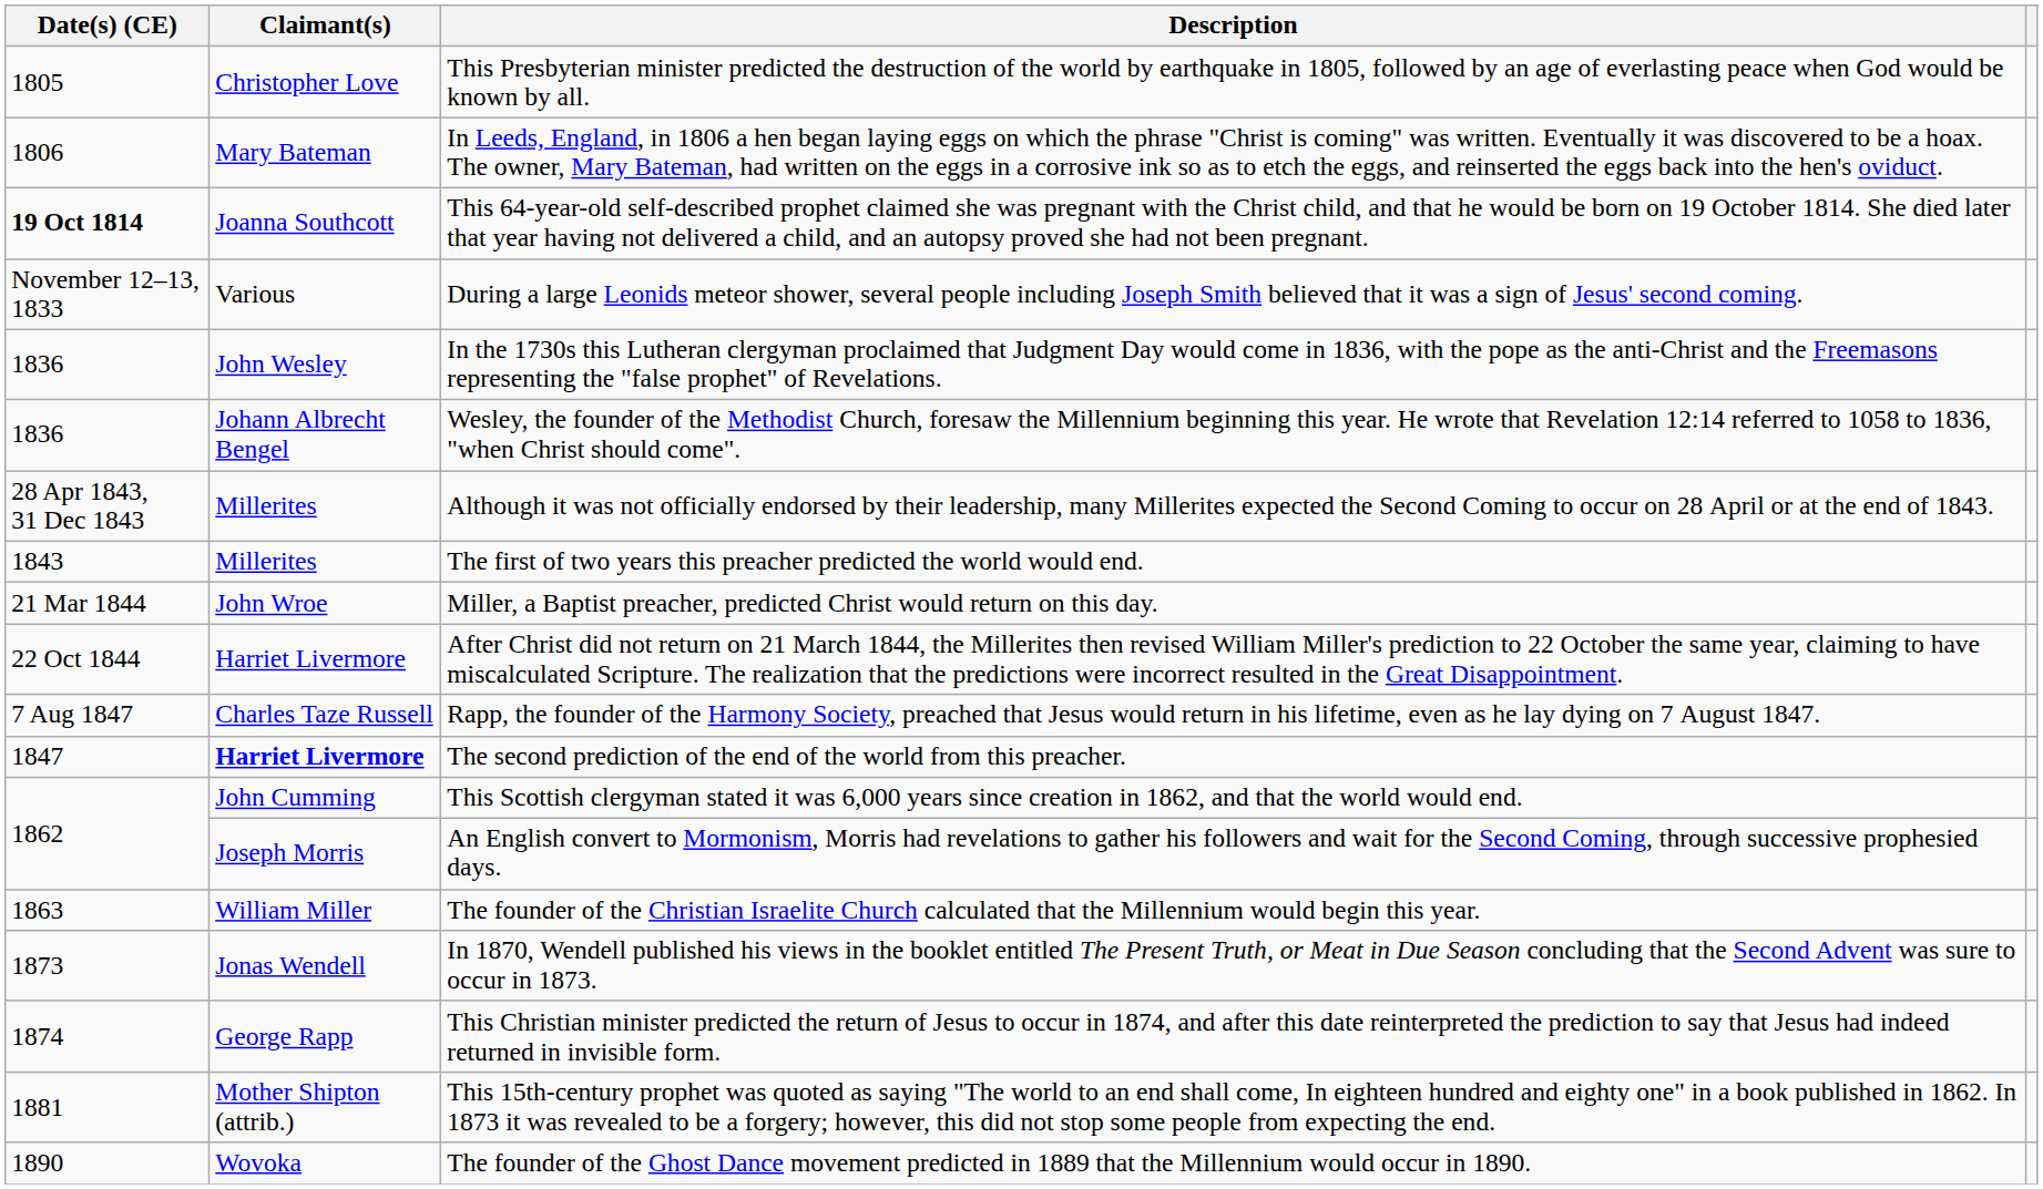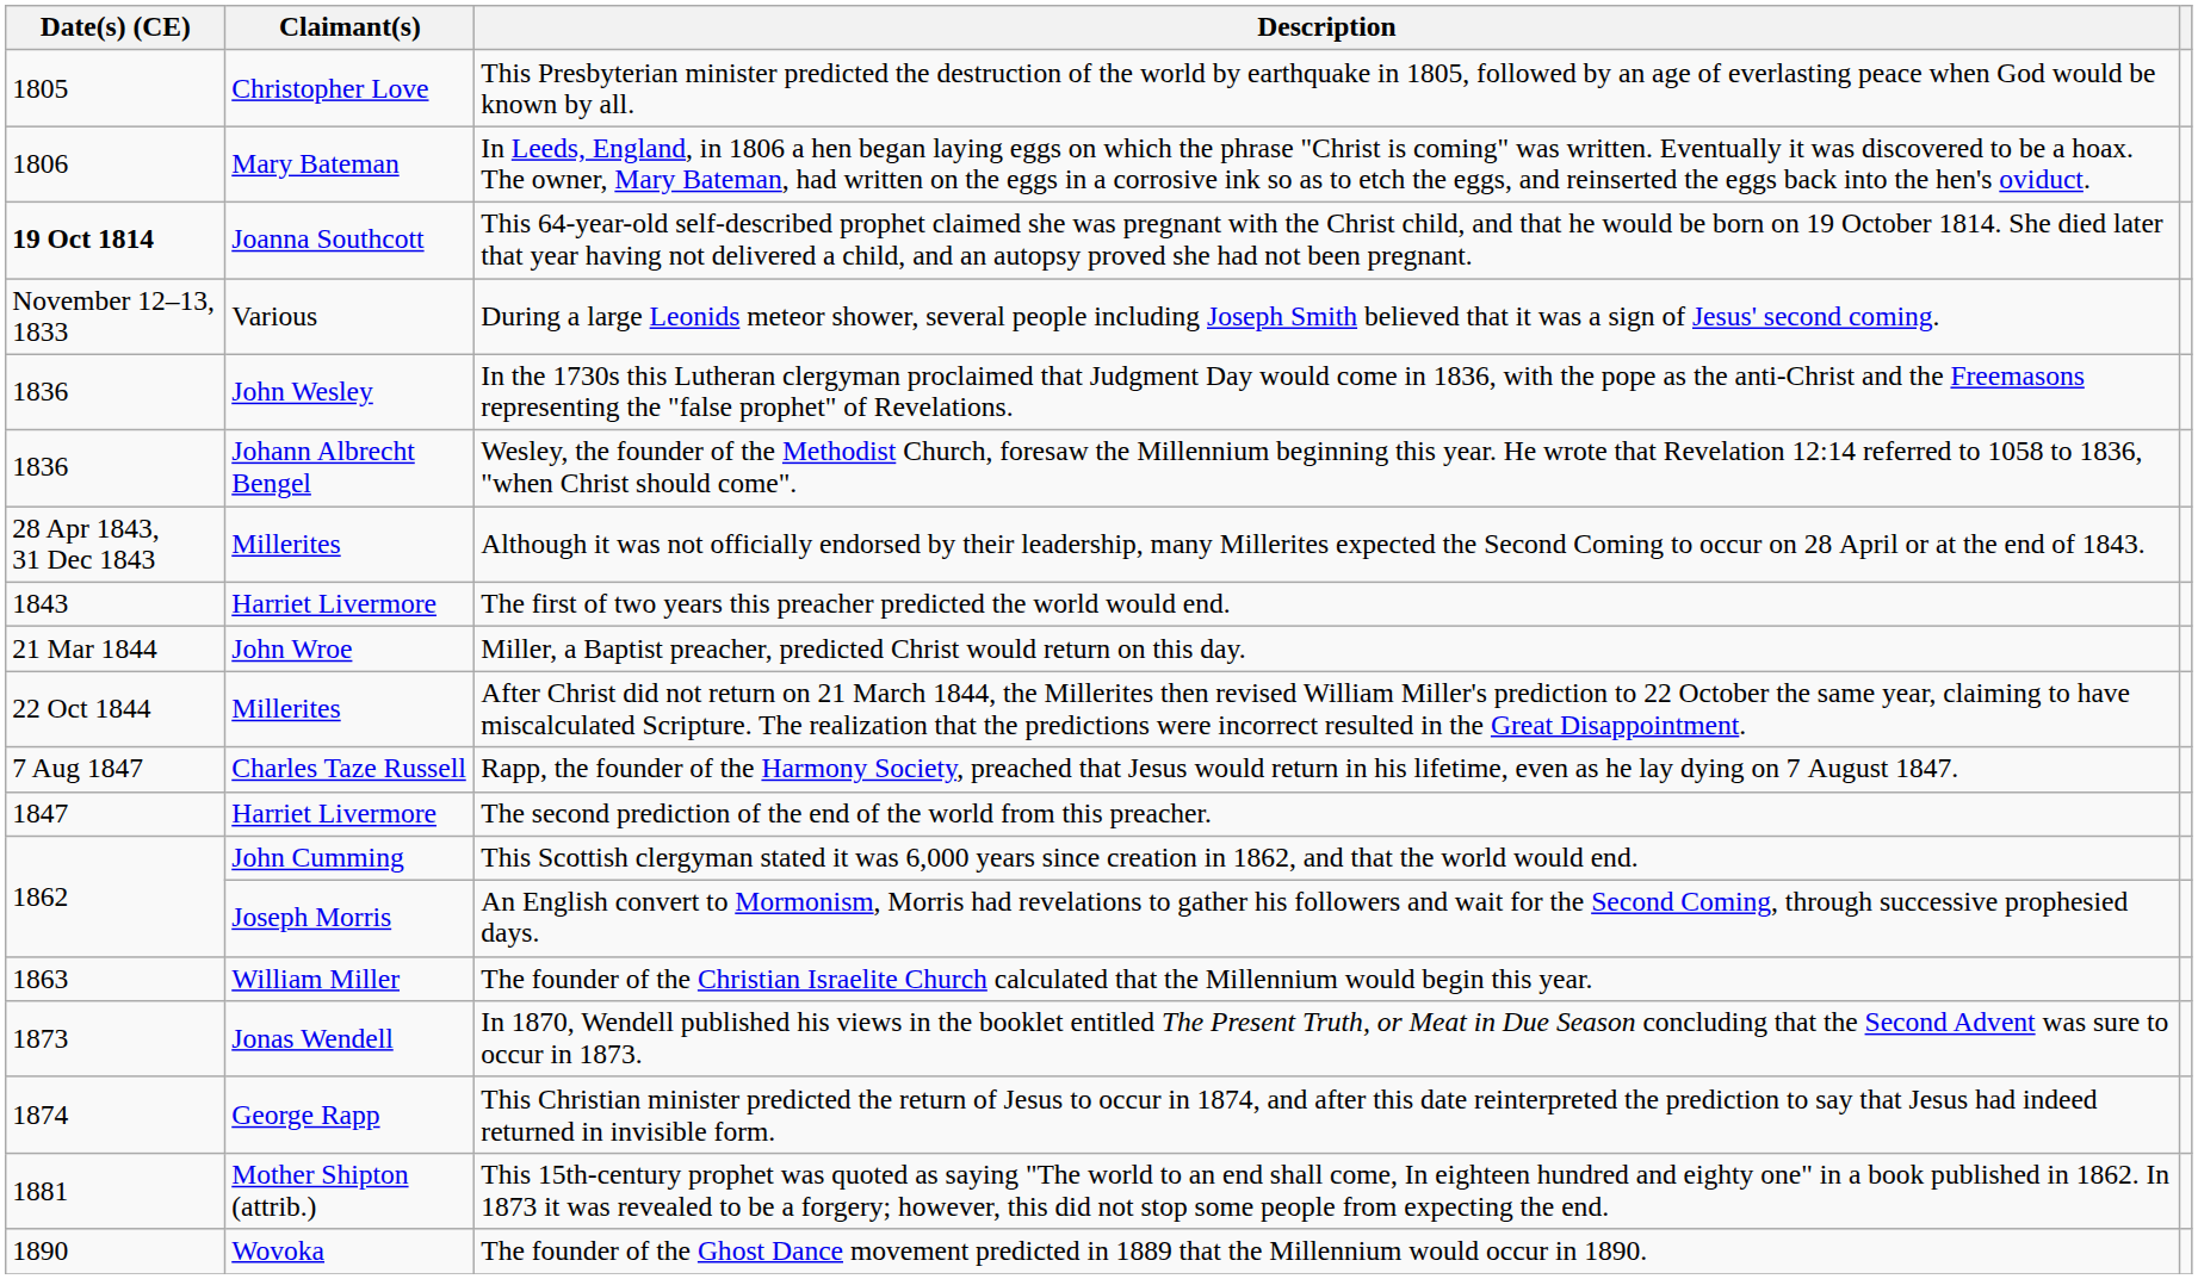 <table class="wikitable">
 <tr>
 <th>Date(s) (CE)</th>
 <th>Claimant(s)</th>
 <th>Description</th>
 <th></th>
 </tr>
 <tr>
 <td>1805</td>
 <td><a href='#'>Christopher Love</a></td>
 <td>This Presbyterian minister predicted the destruction of the world by earthquake in 1805, followed by an age of everlasting peace when God would be known by all.</td>
 <td align=center></td>
 </tr>
 <tr>
 <td>1806</td>
 <td><a href='#'>Mary Bateman</a></td>
 <td>In <a href='#'>Leeds, England</a>, in 1806 a hen began laying eggs on which the phrase "Christ is coming" was written. Eventually it was discovered to be a hoax. The owner, <a href='#'>Mary Bateman</a>, had written on the eggs in a corrosive ink so as to etch the eggs, and reinserted the eggs back into the hen's <a href='#'>oviduct</a>.</td>
 <td align=center><br></td>
 </tr>
 <tr>
 <td><strong>19 Oct 1814</strong></td>
 <td><a href='#'>Joanna Southcott</a></td>
 <td>This 64-year-old self-described prophet claimed she was pregnant with the Christ child, and that he would be born on 19 October 1814. She died later that year having not delivered a child, and an autopsy proved she had not been pregnant.</td>
 <td align=center></td>
 </tr>
 <tr>
 <td>November 12–13, 1833</td>
 <td>Various</td>
 <td>During a large <a href='#'>Leonids</a> meteor shower, several people including <a href='#'>Joseph Smith</a> believed that it was a sign of <a href='#'>Jesus' second coming</a>.</td>
 <td align=center></td>
 </tr>
 <tr>
 <td>1836</td>
 <td><a href='#'>John Wesley</a></td>
 <td>In the 1730s this Lutheran clergyman proclaimed that Judgment Day would come in 1836, with the pope as the anti-Christ and the <a href='#'>Freemasons</a> representing the "false prophet" of Revelations.</td>
 <td align=center></td>
 </tr>
 <tr>
 <td>1836</td>
 <td><a href='#'>Johann Albrecht Bengel</a></td>
 <td>Wesley, the founder of the <a href='#'>Methodist</a> Church, foresaw the Millennium beginning this year. He wrote that Revelation 12:14 referred to 1058 to 1836, "when Christ should come".</td>
 <td align=center><br></td>
 </tr>
 <tr>
 <td>28 Apr 1843,<br>31 Dec 1843</td>
 <td><a href='#'>Millerites</a></td>
 <td>Although it was not officially endorsed by their leadership, many Millerites expected the Second Coming to occur on 28 April or at the end of 1843.</td>
 <td align=center></td>
 </tr>
 <tr>
 <td>1843</td>
-<td><a href='#'>Millerites</a></td>
+<td><a href='#'>Harriet&nbsp;Livermore</a></td>
 <td>The first of two years this preacher predicted the world would end.</td>
 <td align=center></td>
 </tr>
 <tr>
 <td>21 Mar 1844</td>
 <td><a href='#'>John Wroe</a></td>
 <td>Miller, a Baptist preacher, predicted Christ would return on this day.</td>
 <td align=center></td>
 </tr>
 <tr>
 <td>22 Oct 1844</td>
-<td><a href='#'>Harriet&nbsp;Livermore</a></td>
+<td><a href='#'>Millerites</a></td>
 <td>After Christ did not return on 21 March 1844, the Millerites then revised William Miller's prediction to 22 October the same year, claiming to have miscalculated Scripture. The realization that the predictions were incorrect resulted in the <a href='#'>Great Disappointment</a>.</td>
 <td align=center><br></td>
 </tr>
 <tr>
 <td>7 Aug 1847</td>
 <td><a href='#'>Charles Taze Russell</a></td>
 <td>Rapp, the founder of the <a href='#'>Harmony Society</a>, preached that Jesus would return in his lifetime, even as he lay dying on 7 August 1847.</td>
 <td align=center></td>
 </tr>
 <tr>
 <td>1847</td>
-<td><strong><a href='#'>Harriet Livermore</a></strong></td>
+<td><a href='#'>Harriet Livermore</a></td>
 <td>The second prediction of the end of the world from this preacher.</td>
 <td align=center></td>
 </tr>
 <tr>
 <td rowspan="2">1862</td>
 <td><a href='#'>John Cumming</a></td>
 <td>This Scottish clergyman stated it was 6,000 years since creation in 1862, and that the world would end.</td>
 <td align=center></td>
 </tr>
 <tr>
 <td><a href='#'>Joseph Morris</a></td>
 <td>An English convert to <a href='#'>Mormonism</a>, Morris had revelations to gather his followers and wait for the <a href='#'>Second Coming</a>, through successive prophesied days.</td>
 <td align=center></td>
 </tr>
 <tr>
 <td>1863</td>
 <td><a href='#'>William Miller</a></td>
 <td>The founder of the <a href='#'>Christian Israelite Church</a> calculated that the Millennium would begin this year.</td>
 <td align=center></td>
 </tr>
 <tr>
 <td>1873</td>
 <td><a href='#'>Jonas Wendell</a></td>
 <td>In 1870, Wendell published his views in the booklet entitled <em>The Present Truth, or Meat in Due Season</em> concluding that the <a href='#'>Second Advent</a> was sure to occur in 1873.</td>
 <td align=center></td>
 </tr>
 <tr>
 <td>1874</td>
 <td><a href='#'>George Rapp</a></td>
 <td>This Christian minister predicted the return of Jesus to occur in 1874, and after this date reinterpreted the prediction to say that Jesus had indeed returned in invisible form.</td>
 <td align=center><br></td>
 </tr>
 <tr>
 <td>1881</td>
 <td><a href='#'>Mother Shipton</a> (attrib.)</td>
 <td>This 15th-century prophet was quoted as saying "The world to an end shall come, In eighteen hundred and eighty one" in a book published in 1862. In 1873 it was revealed to be a forgery; however, this did not stop some people from expecting the end.</td>
 <td align=center></td>
 </tr>
 <tr>
 <td>1890</td>
 <td><a href='#'>Wovoka</a></td>
 <td>The founder of the <a href='#'>Ghost Dance</a> movement predicted in 1889 that the Millennium would occur in 1890.</td>
 <td align=center></td>
 </tr>
 </table>
